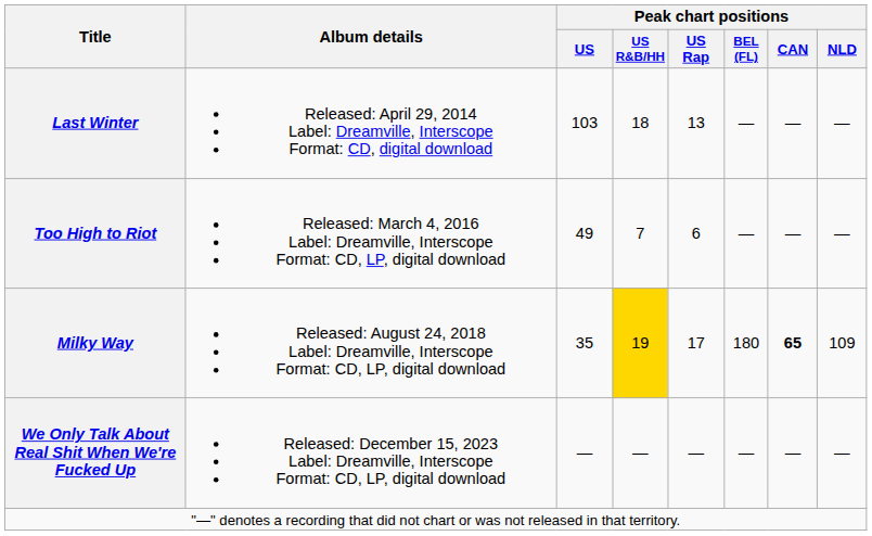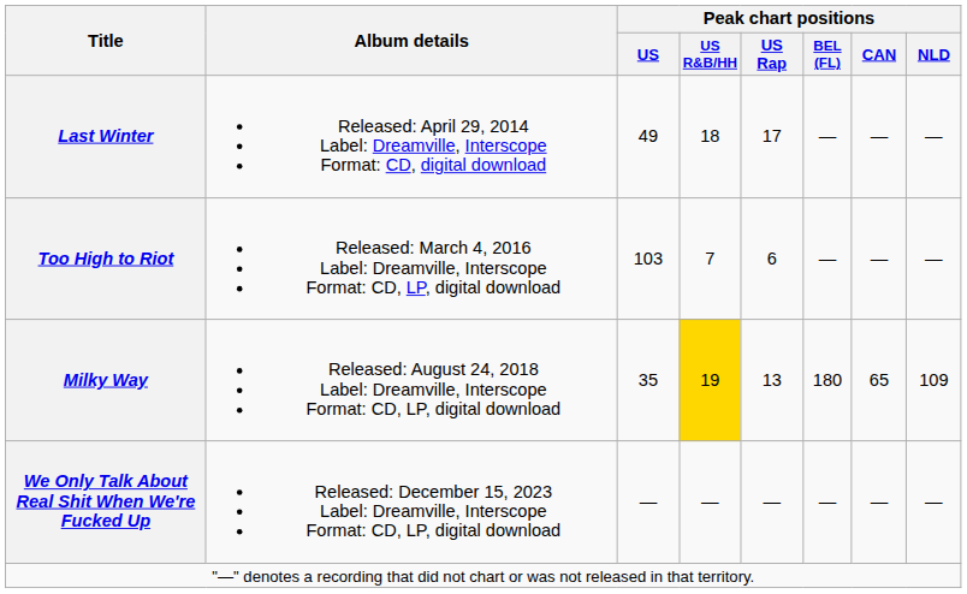 <table class="wikitable plainrowheaders" style="text-align:center;">
 <tr>
 <th scope="col" rowspan="2" style="width:11em;">Title</th>
 <th scope="col" rowspan="2" style="width:23em;">Album details</th>
 <th scope="col" colspan="6">Peak chart positions</th>
 </tr>
 <tr>
 <th scope="col" style="width:3.5em;font-size:90%;"><a href='#'>US</a><br></th>
 <th scope="col" style="width:3.5em;font-size:80%;"><a href='#'>US<br>R&B/HH</a><br></th>
 <th scope="col" style="width:3.5em;font-size:90%;"><a href='#'>US<br>Rap</a><br></th>
 <th scope="col" style="width:3em;font-size:80%;"><a href='#'>BEL<br>(FL)</a><br></th>
 <th scope="col" style="width:3em;font-size:90%;"><a href='#'>CAN</a><br></th>
 <th scope="col" style="width:3em;font-size:90%;"><a href='#'>NLD</a></th>
 </tr>
 <tr>
 <th scope="row"><em><a href='#'>Last Winter</a></em></th>
 <td><br><ul><li>Released: April 29, 2014</li><li>Label: <a href='#'>Dreamville</a>, <a href='#'>Interscope</a></li><li>Format: <a href='#'>CD</a>, <a href='#'>digital download</a></li></ul></td>
-<td>103</td>
+<td>49</td>
 <td>18</td>
-<td>13</td>
+<td>17</td>
 <td>—</td>
 <td>—</td>
 <td>—</td>
 </tr>
 <tr>
 <th scope="row"><em><a href='#'>Too High to Riot</a></em></th>
 <td><br><ul><li>Released: March 4, 2016</li><li>Label: Dreamville, Interscope</li><li>Format: CD, <a href='#'>LP</a>, digital download</li></ul></td>
-<td>49</td>
+<td>103</td>
 <td>7</td>
 <td>6</td>
 <td>—</td>
 <td>—</td>
 <td>—</td>
 </tr>
 <tr>
 <th scope="row"><em><a href='#'>Milky Way</a></em></th>
 <td><br><ul><li>Released: August 24, 2018</li><li>Label: Dreamville, Interscope</li><li>Format: CD, LP, digital download</li></ul></td>
 <td>35</td>
 <td style="background: gold;">19</td>
-<td>17</td>
+<td>13</td>
 <td>180</td>
-<td><strong>65</strong></td>
+<td>65</td>
 <td>109</td>
 </tr>
 <tr>
 <th scope="row"><em><a href='#'>We Only Talk About Real Shit When We're Fucked Up</a></em></th>
 <td><br><ul><li>Released: December 15, 2023</li><li>Label: Dreamville, Interscope</li><li>Format: CD, LP, digital download</li></ul></td>
 <td>—</td>
 <td>—</td>
 <td>—</td>
 <td>—</td>
 <td>—</td>
 <td>—</td>
 </tr>
 <tr>
 <td colspan="14" style="font-size:90%">"—" denotes a recording that did not chart or was not released in that territory.</td>
 </tr>
 </table>
